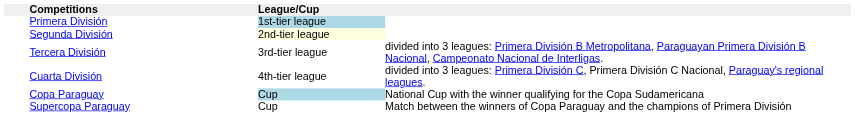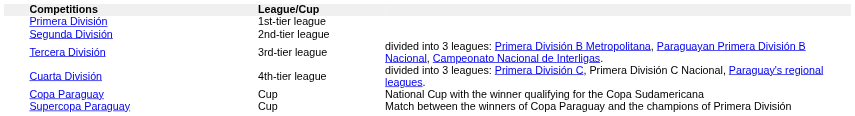 <table width="100%" cellspacing="0" cellpadding="0">
 <tr bgcolor="F0F0F0">
 <th width="3%" align="left"></th>
 <th width="27%" align="left">Competitions</th>
 <th width="15%" align="left">League/Cup</th>
 <th width="55%" align="left"></th>
 </tr>
 <tr>
 <td></td>
 <td><a href='#'>Primera División</a></td>
-<td style="background: lightblue;">1st-tier league</td>
+<td>1st-tier league</td>
 <td></td>
 </tr>
 <tr>
 <td></td>
 <td><a href='#'>Segunda División</a></td>
-<td style="background: lightyellow;">2nd-tier league</td>
+<td>2nd-tier league</td>
 <td></td>
 </tr>
 <tr>
 <td></td>
 <td><a href='#'>Tercera División</a></td>
 <td>3rd-tier league</td>
 <td>divided into 3 leagues: <a href='#'>Primera División B Metropolitana</a>, <a href='#'>Paraguayan Primera División B Nacional</a>, <a href='#'>Campeonato Nacional de Interligas</a>.</td>
 </tr>
 <tr>
 <td></td>
 <td><a href='#'>Cuarta División</a></td>
 <td>4th-tier league</td>
 <td>divided into 3 leagues: <a href='#'>Primera División C</a>, Primera División C Nacional, <a href='#'>Paraguay's regional leagues</a>.</td>
 </tr>
 <tr>
 <td></td>
 <td><a href='#'>Copa Paraguay</a></td>
-<td style="background: lightblue;">Cup</td>
+<td>Cup</td>
 <td>National Cup with the winner qualifying for the Copa Sudamericana</td>
 </tr>
 <tr>
 <td></td>
 <td><a href='#'>Supercopa Paraguay</a></td>
 <td>Cup</td>
 <td>Match between the winners of Copa Paraguay and the champions of Primera División</td>
 </tr>
 <tr>
 </tr>
 </table>
